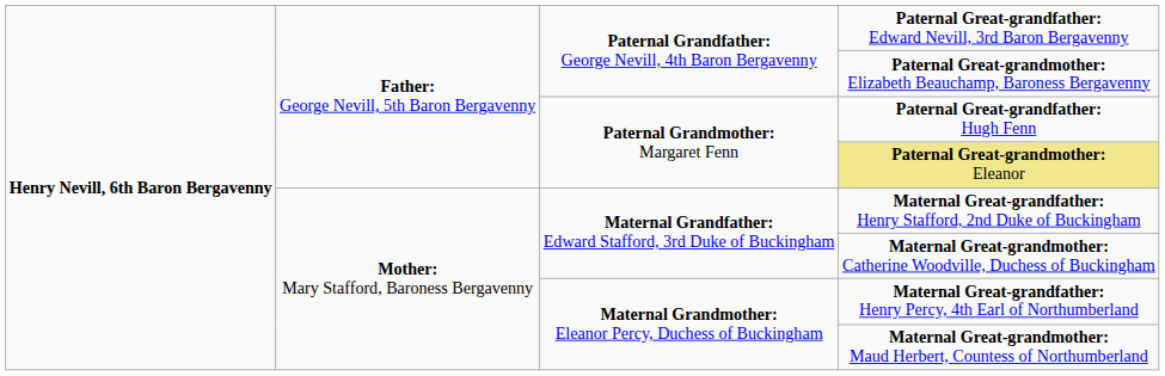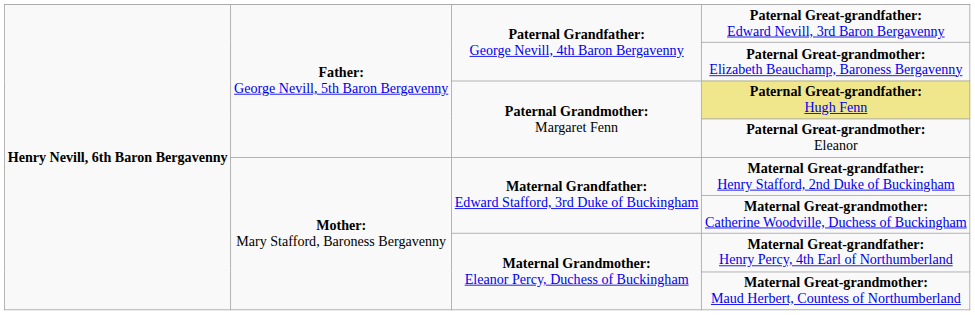 <table class="wikitable">
 <tr>
 </tr>
 <tr>
 <td rowspan="8" align="center"><strong>Henry Nevill, 6th Baron Bergavenny</strong></td>
 <td rowspan="4" align="center"><strong>Father:</strong><br><a href='#'>George Nevill, 5th Baron Bergavenny</a></td>
 <td rowspan="2" align="center"><strong>Paternal Grandfather:</strong><br><a href='#'>George Nevill, 4th Baron Bergavenny</a></td>
 <td align="center"><strong>Paternal Great-grandfather:</strong><br><a href='#'>Edward Nevill, 3rd Baron Bergavenny</a></td>
 </tr>
 <tr>
 <td align="center"><strong>Paternal Great-grandmother:</strong><br><a href='#'>Elizabeth Beauchamp, Baroness Bergavenny</a></td>
 </tr>
 <tr>
 <td rowspan="2" align="center"><strong>Paternal Grandmother:</strong><br>Margaret Fenn</td>
-<td align="center"><strong>Paternal Great-grandfather:</strong><br><a href='#'>Hugh Fenn</a></td>
+<td align="center" style="background: khaki;"><strong>Paternal Great-grandfather:</strong><br><a href='#'>Hugh Fenn</a></td>
 </tr>
 <tr>
-<td align="center" style="background: khaki;"><strong>Paternal Great-grandmother:</strong><br>Eleanor</td>
+<td align="center"><strong>Paternal Great-grandmother:</strong><br>Eleanor</td>
 </tr>
 <tr>
 <td rowspan="4" align="center"><strong>Mother:</strong><br>Mary Stafford, Baroness Bergavenny</td>
 <td rowspan="2" align="center"><strong>Maternal Grandfather:</strong><br><a href='#'>Edward Stafford, 3rd Duke of Buckingham</a></td>
 <td align="center"><strong>Maternal Great-grandfather:</strong><br><a href='#'>Henry Stafford, 2nd Duke of Buckingham</a></td>
 </tr>
 <tr>
 <td align="center"><strong>Maternal Great-grandmother:</strong><br><a href='#'>Catherine Woodville, Duchess of Buckingham</a></td>
 </tr>
 <tr>
 <td rowspan="2" align="center"><strong>Maternal Grandmother:</strong><br><a href='#'>Eleanor Percy, Duchess of Buckingham</a></td>
 <td align="center"><strong>Maternal Great-grandfather:</strong><br><a href='#'>Henry Percy, 4th Earl of Northumberland</a></td>
 </tr>
 <tr>
 <td align="center"><strong>Maternal Great-grandmother:</strong><br><a href='#'>Maud Herbert, Countess of Northumberland</a></td>
 </tr>
 </table>
